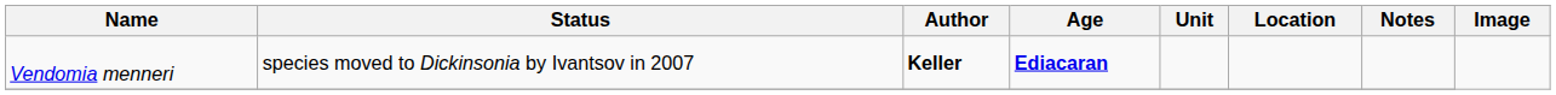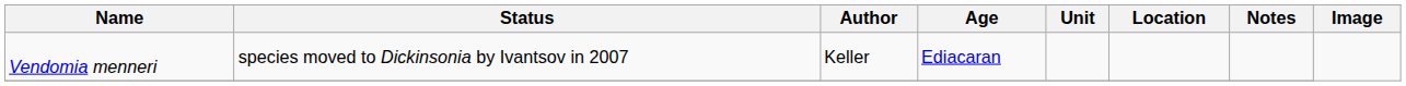 <table class="wikitable sortable" align="center" width="100%">
 <tr>
 <th>Name</th>
 <th>Status</th>
 <th>Author</th>
 <th>Age</th>
 <th>Unit</th>
 <th>Location</th>
 <th class="unsortable">Notes</th>
 <th>Image</th>
 </tr>
 <tr>
 <td><br><em><a href='#'>Vendomia</a> menneri</em></td>
 <td>species moved to <em>Dickinsonia</em> by Ivantsov in 2007 </td>
-<td><strong>Keller</strong></td>
-<td><strong><a href='#'>Ediacaran</a></strong></td>
+<td>Keller</td>
+<td><a href='#'>Ediacaran</a></td>
 <td></td>
 <td></td>
 <td></td>
 </tr>
 <tr>
 </tr>
 </table>
